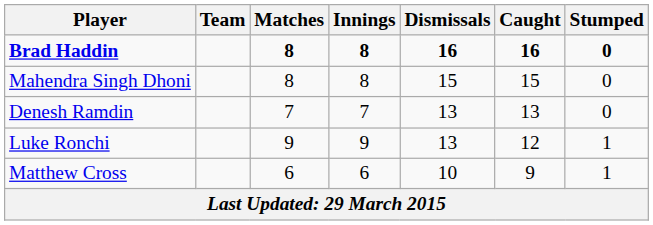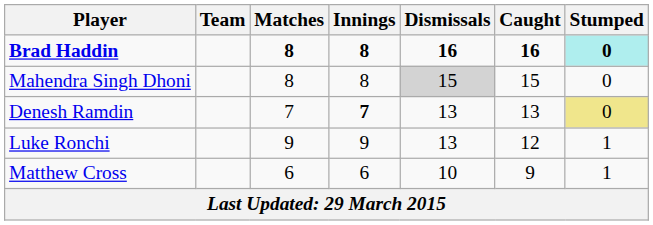 <table class="wikitable sortable" style="text-align:center">
 <tr>
 <th class="unsortable">Player</th>
 <th>Team</th>
 <th>Matches</th>
 <th>Innings</th>
 <th>Dismissals</th>
 <th>Caught</th>
 <th>Stumped</th>
 </tr>
 <tr>
 <td style="text-align:left"><strong><a href='#'>Brad Haddin</a></strong></td>
 <td style="text-align:left"><strong></strong></td>
 <td><strong>8</strong></td>
 <td><strong>8</strong></td>
 <td><strong>16</strong></td>
 <td><strong>16</strong></td>
-<td><strong>0</strong></td>
+<td style="background: paleturquoise;"><strong>0</strong></td>
 </tr>
 <tr>
 <td style="text-align:left"><a href='#'>Mahendra Singh Dhoni</a></td>
 <td style="text-align:left"></td>
 <td>8</td>
 <td>8</td>
-<td>15</td>
+<td style="background: lightgrey;">15</td>
 <td>15</td>
 <td>0</td>
 </tr>
 <tr>
 <td style="text-align:left"><a href='#'>Denesh Ramdin</a></td>
 <td style="text-align:left"></td>
 <td>7</td>
-<td>7</td>
+<td><strong>7</strong></td>
 <td>13</td>
 <td>13</td>
-<td>0</td>
+<td style="background: khaki;">0</td>
 </tr>
 <tr>
 <td style="text-align:left"><a href='#'>Luke Ronchi</a></td>
 <td style="text-align:left"></td>
 <td>9</td>
 <td>9</td>
 <td>13</td>
 <td>12</td>
 <td>1</td>
 </tr>
 <tr>
 <td style="text-align:left"><a href='#'>Matthew Cross</a></td>
 <td style="text-align:left"></td>
 <td>6</td>
 <td>6</td>
 <td>10</td>
 <td>9</td>
 <td>1</td>
 </tr>
 <tr>
 <th colspan=7><em>Last Updated: 29 March 2015</em></th>
 </tr>
 </table>
